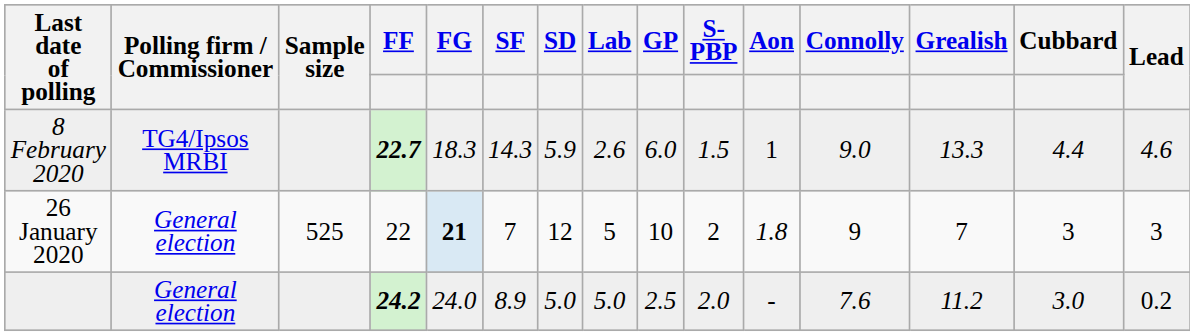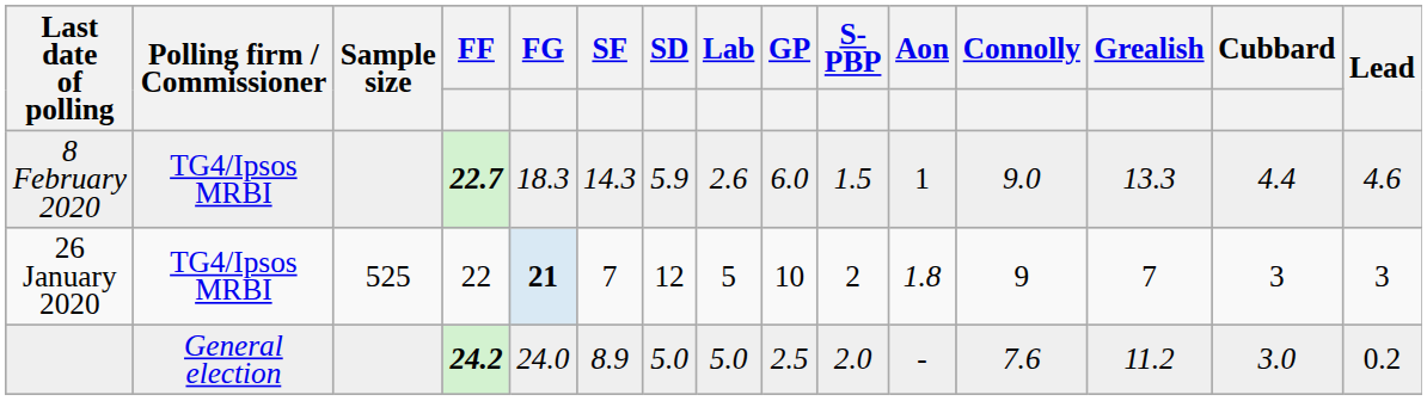 <table class="wikitable sortable collapsible" style="text-align:center;font-size:95%;line-height:14px;">
 <tr style="height:42px;">
 <th style="width:110px;" rowspan="2">Last date<br>of polling</th>
 <th style="width:300px;" rowspan="2">Polling firm / Commissioner</th>
 <th class="unsortable" style="width:50px;" rowspan="2">Sample<br>size</th>
 <th class="unsortable" style="width:50px;"><a href='#'>FF</a></th>
 <th class="unsortable" style="width:50px;"><a href='#'>FG</a></th>
 <th class="unsortable" style="width:50px;"><a href='#'>SF</a></th>
 <th class="unsortable" style="width:50px;"><a href='#'>SD</a></th>
 <th class="unsortable" style="width:50px;"><a href='#'>Lab</a></th>
 <th class="unsortable" style="width:50px;"><a href='#'>GP</a></th>
 <th class="unsortable" style="width:50px;"><a href='#'>S-PBP</a></th>
 <th class="unsortable" style="width:50px;"><a href='#'>Aon</a></th>
 <th class="unsortable" style="width:50px;"><a href='#'>Connolly</a></th>
 <th class="unsortable" style="width:50px;"><a href='#'>Grealish</a></th>
 <th class="unsortable" style="width:50px;">Cubbard</th>
 <th class="unsortable" style="width:20px;" rowspan="2">Lead</th>
 </tr>
 <tr>
 <th style="color:inherit;background:"></th>
 <th style="color:inherit;background:"></th>
 <th style="color:inherit;background:"></th>
 <th style="color:inherit;background:"></th>
 <th style="color:inherit;background:"></th>
 <th style="color:inherit;background:"></th>
 <th style="color:inherit;background:"></th>
 <th style="color:inherit;background:"></th>
 <th style="color:inherit;background:"></th>
 <th style="color:inherit;background:"></th>
 <th style="color:inherit;background:"></th>
 </tr>
 <tr style="background:#EFEFEF;">
 <td><em>8 February 2020</em></td>
 <td><a href='#'>TG4/Ipsos MRBI</a></td>
 <td></td>
 <td style="background:#D3F2D0"><strong><em>22.7</em></strong></td>
 <td><em>18.3</em></td>
 <td><em>14.3</em></td>
 <td><em>5.9</em></td>
 <td><em>2.6</em></td>
 <td><em>6.0</em></td>
 <td><em>1.5</em></td>
 <td>1</td>
 <td><em>9.0</em></td>
 <td><em>13.3</em></td>
 <td><em>4.4</em></td>
 <td style="background:"><em>4.6</em></td>
 </tr>
 <tr>
 <td>26 January 2020</td>
-<td><em><a href='#'>General election</a></em></td>
+<td><a href='#'>TG4/Ipsos MRBI</a></td>
 <td>525</td>
 <td>22</td>
 <td style="background:#D9E9F4"><strong>21</strong></td>
 <td>7</td>
 <td>12</td>
 <td>5</td>
 <td>10</td>
 <td>2</td>
 <td><em>1.8</em></td>
 <td>9</td>
 <td>7</td>
 <td>3</td>
 <td style="background:">3</td>
 </tr>
 <tr style="background:#EFEFEF;" class=sortbottom>
 <td><em></em></td>
 <td><em><a href='#'>General election</a></em></td>
 <td></td>
 <td style="background:#D3F2D0"><strong><em>24.2</em></strong></td>
 <td><em>24.0</em></td>
 <td><em>8.9</em></td>
 <td><em>5.0</em></td>
 <td><em>5.0</em></td>
 <td><em>2.5</em></td>
 <td><em>2.0</em></td>
 <td>-</td>
 <td><em>7.6</em></td>
 <td><em>11.2</em></td>
 <td><em>3.0</em></td>
 <td style="background:">0.2</td>
 </tr>
 </table>
